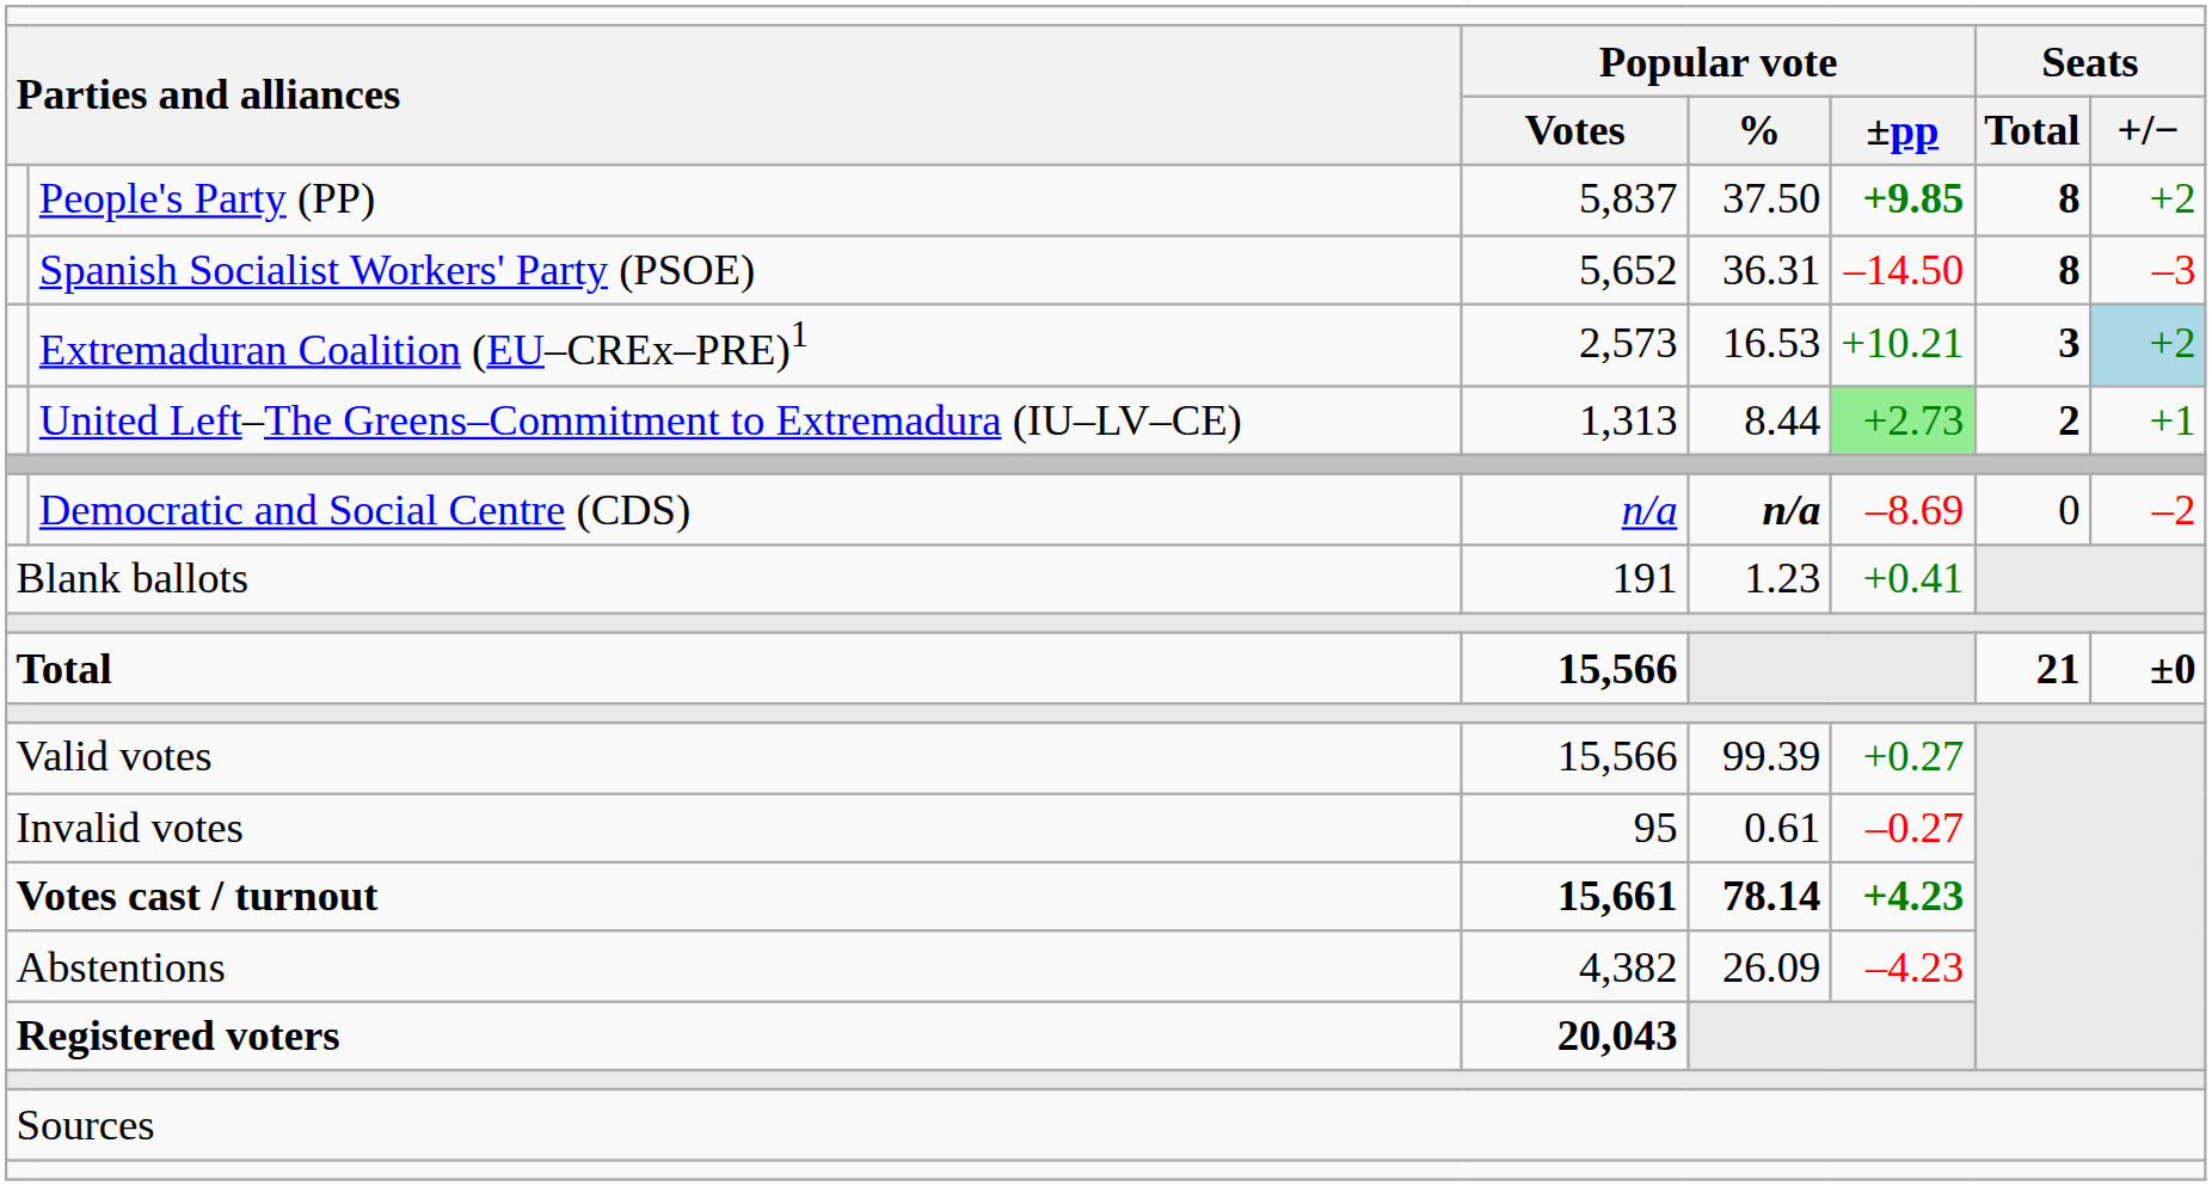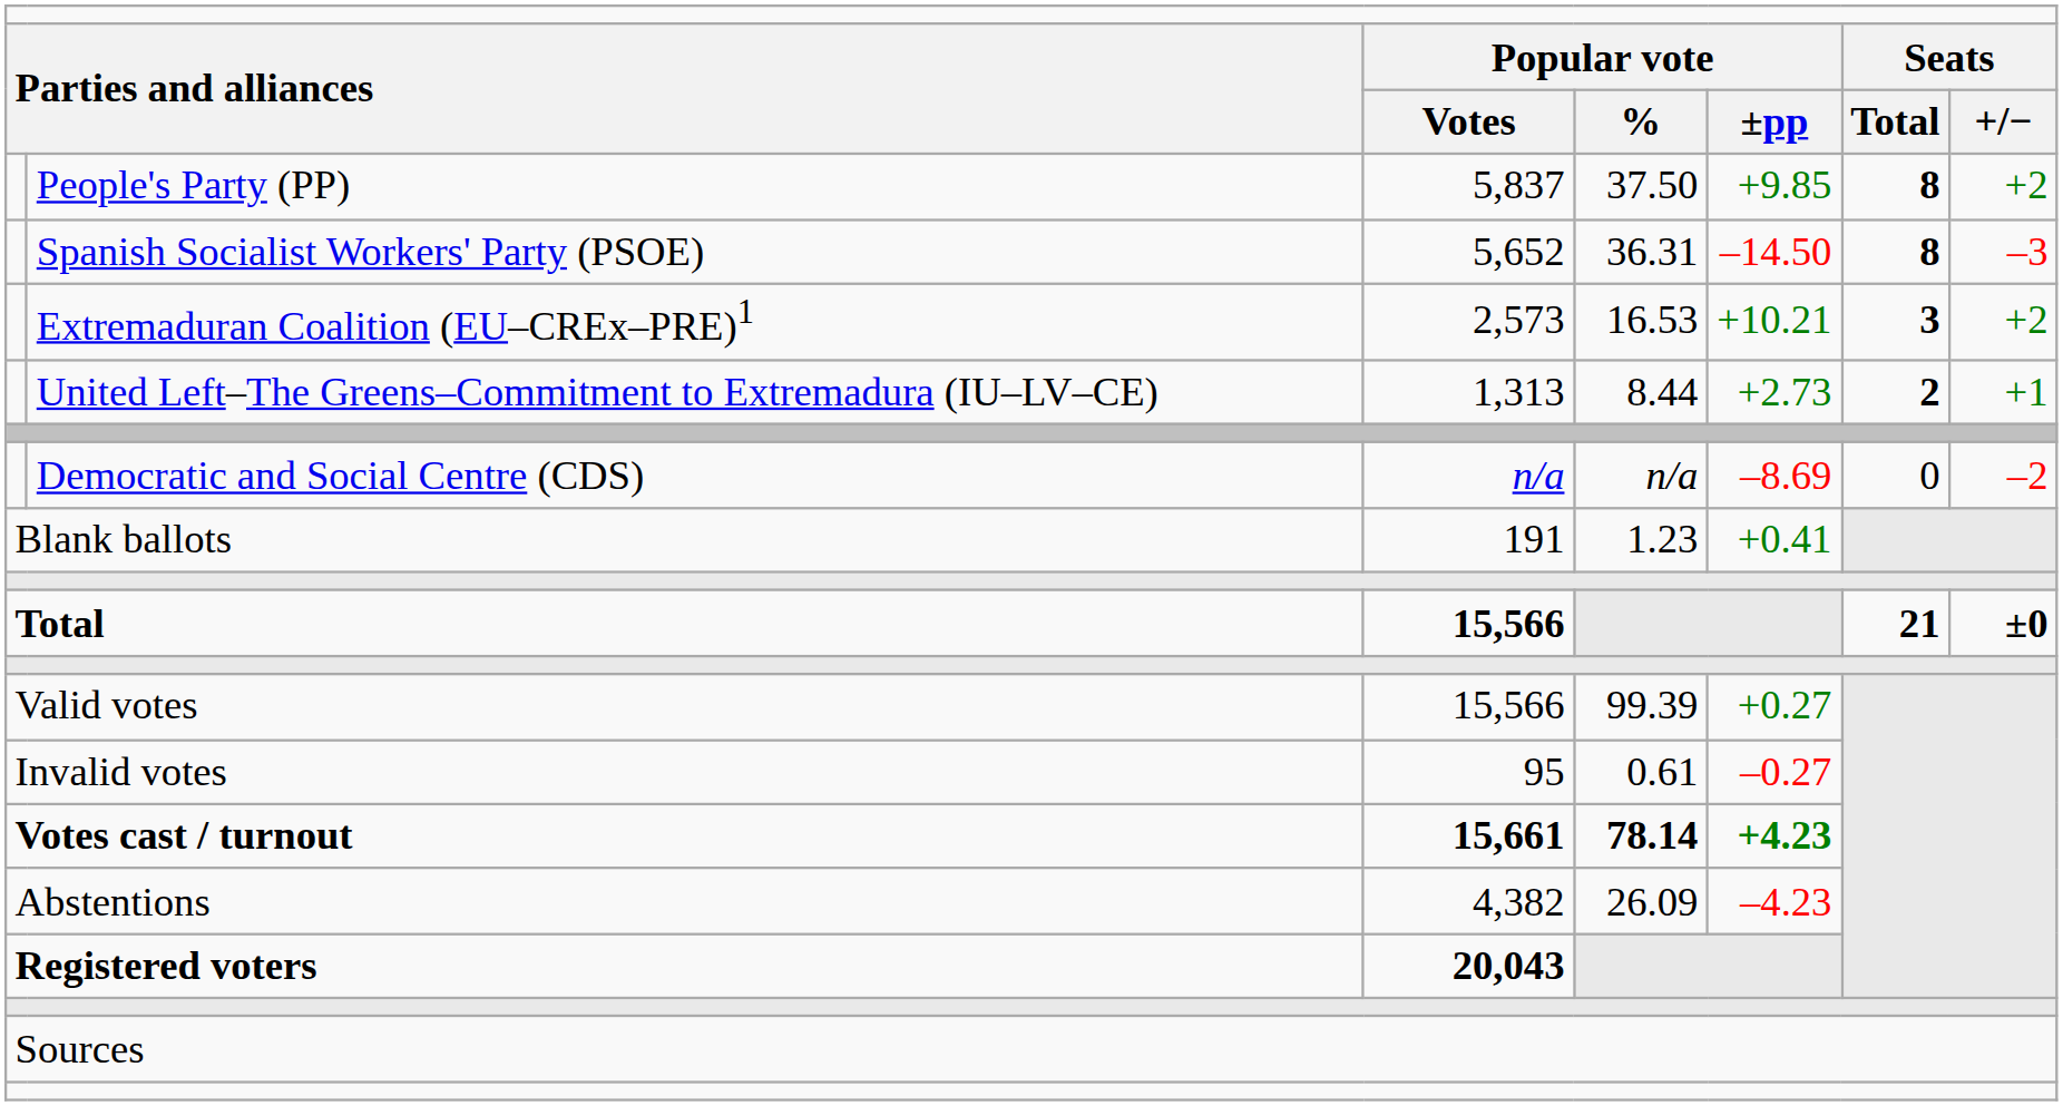 <table class="wikitable" style="text-align:right;">
 <tr>
 <td colspan="7"></td>
 </tr>
 <tr>
 <th style="text-align:left;" rowspan="2" colspan="2" width="525">Parties and alliances</th>
 <th colspan="3">Popular vote</th>
 <th colspan="2">Seats</th>
 </tr>
 <tr>
 <th width="75">Votes</th>
 <th width="45">%</th>
 <th width="45">±<a href='#'>pp</a></th>
 <th width="35">Total</th>
 <th width="35">+/−</th>
 </tr>
 <tr>
 <td width="1" style="color:inherit;background:"></td>
 <td align="left"><a href='#'>People's Party</a> (PP)</td>
 <td>5,837</td>
 <td>37.50</td>
-<td style="color:green;"><strong>+9.85</strong></td>
+<td style="color:green;">+9.85</td>
 <td><strong>8</strong></td>
 <td style="color:green;">+2</td>
 </tr>
 <tr>
 <td style="color:inherit;background:"></td>
 <td align="left"><a href='#'>Spanish Socialist Workers' Party</a> (PSOE)</td>
 <td>5,652</td>
 <td>36.31</td>
 <td style="color:red;">–14.50</td>
 <td><strong>8</strong></td>
 <td style="color:red;">–3</td>
 </tr>
 <tr>
 <td style="color:inherit;background:"></td>
 <td align="left"><a href='#'>Extremaduran Coalition</a> (<a href='#'>EU</a>–CREx–PRE)<sup>1</sup></td>
 <td>2,573</td>
 <td>16.53</td>
 <td style="color:green;">+10.21</td>
 <td><strong>3</strong></td>
-<td style="background: lightblue; color:green;">+2</td>
+<td style="color:green;">+2</td>
 </tr>
 <tr>
 <td style="color:inherit;background:"></td>
 <td align="left"><a href='#'>United Left</a>–<a href='#'>The Greens–Commitment to Extremadura</a> (IU–LV–CE)</td>
 <td>1,313</td>
 <td>8.44</td>
-<td style="background: lightgreen; color:green;">+2.73</td>
+<td style="color:green;">+2.73</td>
 <td><strong>2</strong></td>
 <td style="color:green;">+1</td>
 </tr>
 <tr>
 <td colspan="7" bgcolor="#C0C0C0"></td>
 </tr>
 <tr>
 <td style="color:inherit;background:"></td>
 <td align="left"><a href='#'>Democratic and Social Centre</a> (CDS)</td>
 <td><em><a href='#'>n/a</a></em></td>
-<td><strong><em>n/a</em></strong></td>
+<td><em>n/a</em></td>
 <td style="color:red;">–8.69</td>
 <td>0</td>
 <td style="color:red;">–2</td>
 </tr>
 <tr>
 <td align="left" colspan="2">Blank ballots</td>
 <td>191</td>
 <td>1.23</td>
 <td style="color:green;">+0.41</td>
 <td bgcolor="#E9E9E9" colspan="2"></td>
 </tr>
 <tr>
 <td colspan="7" bgcolor="#E9E9E9"></td>
 </tr>
 <tr style="font-weight:bold;">
 <td align="left" colspan="2">Total</td>
 <td>15,566</td>
 <td bgcolor="#E9E9E9" colspan="2"></td>
 <td>21</td>
 <td>±0</td>
 </tr>
 <tr>
 <td colspan="7" bgcolor="#E9E9E9"></td>
 </tr>
 <tr>
 <td align="left" colspan="2">Valid votes</td>
 <td>15,566</td>
 <td>99.39</td>
 <td style="color:green;">+0.27</td>
 <td bgcolor="#E9E9E9" colspan="2" rowspan="5"></td>
 </tr>
 <tr>
 <td align="left" colspan="2">Invalid votes</td>
 <td>95</td>
 <td>0.61</td>
 <td style="color:red;">–0.27</td>
 </tr>
 <tr style="font-weight:bold;">
 <td align="left" colspan="2">Votes cast / turnout</td>
 <td>15,661</td>
 <td>78.14</td>
 <td style="color:green;">+4.23</td>
 </tr>
 <tr>
 <td align="left" colspan="2">Abstentions</td>
 <td>4,382</td>
 <td>26.09</td>
 <td style="color:red;">–4.23</td>
 </tr>
 <tr style="font-weight:bold;">
 <td align="left" colspan="2">Registered voters</td>
 <td>20,043</td>
 <td bgcolor="#E9E9E9" colspan="2"></td>
 </tr>
 <tr>
 <td colspan="7" bgcolor="#E9E9E9"></td>
 </tr>
 <tr>
 <td align="left" colspan="7">Sources</td>
 </tr>
 <tr>
 <td colspan="7" style="text-align:left; max-width:790px;"></td>
 </tr>
 </table>
